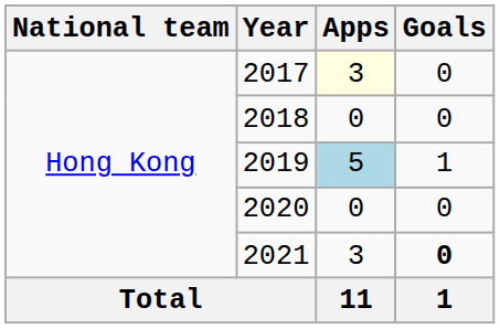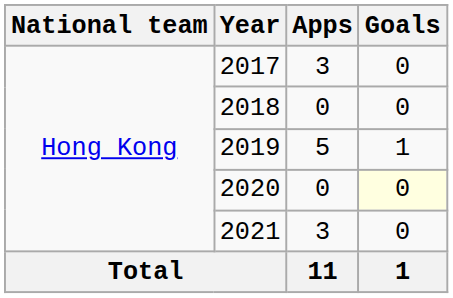 <table class="wikitable" style="text-align:center">
 <tr>
 <th>National team</th>
 <th>Year</th>
 <th>Apps</th>
 <th>Goals</th>
 </tr>
 <tr>
 <td rowspan="5"><a href='#'>Hong Kong</a></td>
 <td>2017</td>
-<td style="background: lightyellow;">3</td>
+<td>3</td>
 <td>0</td>
 </tr>
 <tr>
 <td>2018</td>
 <td>0</td>
 <td>0</td>
 </tr>
 <tr>
 <td>2019</td>
-<td style="background: lightblue;">5</td>
+<td>5</td>
 <td>1</td>
 </tr>
 <tr>
 <td>2020</td>
 <td>0</td>
-<td>0</td>
+<td style="background: lightyellow;">0</td>
 </tr>
 <tr>
 <td>2021</td>
 <td>3</td>
-<td><strong>0</strong></td>
+<td>0</td>
 </tr>
 <tr>
 <th colspan=2>Total</th>
 <th>11</th>
 <th>1</th>
 </tr>
 </table>
